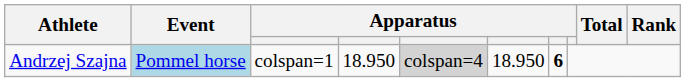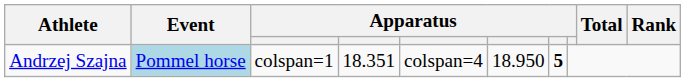 <table class="wikitable" style="font-size:90%">
 <tr>
 <th rowspan=2>Athlete</th>
 <th rowspan=2>Event</th>
 <th colspan =6>Apparatus</th>
 <th rowspan=2>Total</th>
 <th rowspan=2>Rank</th>
 </tr>
 <tr style="font-size:95%">
 <th></th>
 <th></th>
 <th></th>
 <th></th>
 <th></th>
 <th></th>
 </tr>
 <tr align=center>
 <td align=left><a href='#'>Andrzej Szajna</a></td>
 <td align=left style="background: lightblue;"><a href='#'>Pommel horse</a></td>
 <td>colspan=1 </td>
+<td>18.351</td>
+<td>colspan=4 </td>
 <td>18.950</td>
-<td style="background: lightgrey;">colspan=4 </td>
-<td>18.950</td>
-<td><strong>6</strong></td>
+<td><strong>5</strong></td>
 </tr>
 </table>
